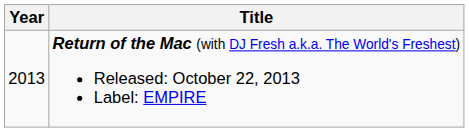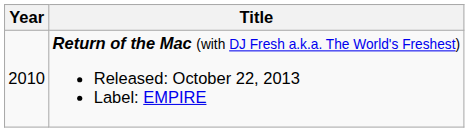 <table class="wikitable">
 <tr>
 <th rowspan="1">Year</th>
 <th rowspan="1">Title</th>
 </tr>
 <tr>
-<td>2013</td>
+<td>2010</td>
 <td><strong><em>Return of the Mac</em></strong> <small>(with <a href='#'>DJ Fresh a.k.a. The World's Freshest</a>)</small><br><ul><li>Released: October 22, 2013</li><li>Label: <a href='#'>EMPIRE</a></li></ul></td>
 </tr>
 </table>
